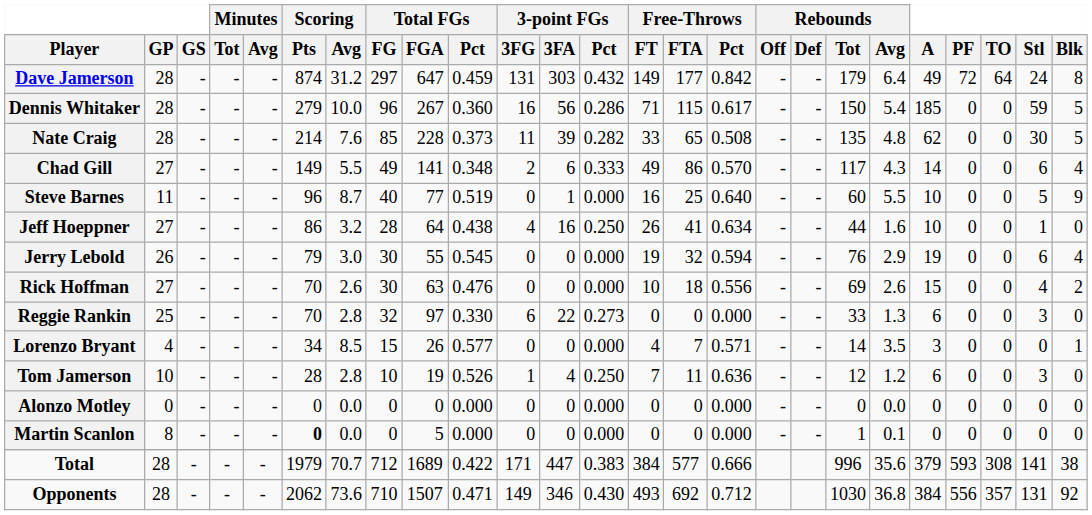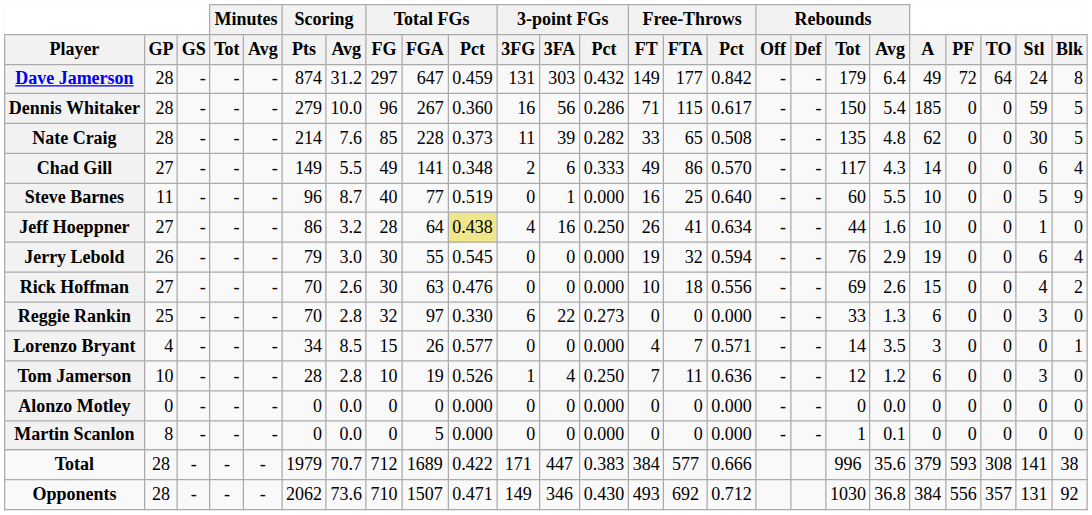 <table class="wikitable sortable" border="1" style="font-size:90%;">
 <tr>
 <th colspan="3" style="border-top-style:hidden; border-left-style:hidden; background: white;"></th>
 <th colspan="2" style=>Minutes</th>
 <th colspan="2" style=>Scoring</th>
 <th colspan="3" style=>Total FGs</th>
 <th colspan="3" style=>3-point FGs</th>
 <th colspan="3" style=>Free-Throws</th>
 <th colspan="4" style=>Rebounds</th>
 <th colspan="5" style="border-top-style:hidden; border-right-style:hidden; background: white;"></th>
 </tr>
 <tr>
 <th scope="col" style=>Player</th>
 <th scope="col" style=>GP</th>
 <th scope="col" style=>GS</th>
 <th scope="col" style=>Tot</th>
 <th scope="col" style=>Avg</th>
 <th scope="col" style=>Pts</th>
 <th scope="col" style=>Avg</th>
 <th scope="col" style=>FG</th>
 <th scope="col" style=>FGA</th>
 <th scope="col" style=>Pct</th>
 <th scope="col" style=>3FG</th>
 <th scope="col" style=>3FA</th>
 <th scope="col" style=>Pct</th>
 <th scope="col" style=>FT</th>
 <th scope="col" style=>FTA</th>
 <th scope="col" style=>Pct</th>
 <th scope="col" style=>Off</th>
 <th scope="col" style=>Def</th>
 <th scope="col" style=>Tot</th>
 <th scope="col" style=>Avg</th>
 <th scope="col" style=>A</th>
 <th scope="col" style=>PF</th>
 <th scope="col" style=>TO</th>
 <th scope="col" style=>Stl</th>
 <th scope="col" style=>Blk</th>
 </tr>
 <tr>
 <th><a href='#'>Dave Jamerson</a></th>
 <td align="right">28</td>
 <td align="right">-</td>
 <td align="right">-</td>
 <td align="right">-</td>
 <td align="right">874</td>
 <td align="right">31.2</td>
 <td align="right">297</td>
 <td align="right">647</td>
 <td align="right">0.459</td>
 <td align="right">131</td>
 <td align="right">303</td>
 <td align="right">0.432</td>
 <td align="right">149</td>
 <td align="right">177</td>
 <td align="right">0.842</td>
 <td align="right">-</td>
 <td align="right">-</td>
 <td align="right">179</td>
 <td align="right">6.4</td>
 <td align="right">49</td>
 <td align="right">72</td>
 <td align="right">64</td>
 <td align="right">24</td>
 <td align="right">8</td>
 </tr>
 <tr>
 <th>Dennis Whitaker</th>
 <td align="right">28</td>
 <td align="right">-</td>
 <td align="right">-</td>
 <td align="right">-</td>
 <td align="right">279</td>
 <td align="right">10.0</td>
 <td align="right">96</td>
 <td align="right">267</td>
 <td align="right">0.360</td>
 <td align="right">16</td>
 <td align="right">56</td>
 <td align="right">0.286</td>
 <td align="right">71</td>
 <td align="right">115</td>
 <td align="right">0.617</td>
 <td align="right">-</td>
 <td align="right">-</td>
 <td align="right">150</td>
 <td align="right">5.4</td>
 <td align="right">185</td>
 <td align="right">0</td>
 <td align="right">0</td>
 <td align="right">59</td>
 <td align="right">5</td>
 </tr>
 <tr>
 <th>Nate Craig</th>
 <td align="right">28</td>
 <td align="right">-</td>
 <td align="right">-</td>
 <td align="right">-</td>
 <td align="right">214</td>
 <td align="right">7.6</td>
 <td align="right">85</td>
 <td align="right">228</td>
 <td align="right">0.373</td>
 <td align="right">11</td>
 <td align="right">39</td>
 <td align="right">0.282</td>
 <td align="right">33</td>
 <td align="right">65</td>
 <td align="right">0.508</td>
 <td align="right">-</td>
 <td align="right">-</td>
 <td align="right">135</td>
 <td align="right">4.8</td>
 <td align="right">62</td>
 <td align="right">0</td>
 <td align="right">0</td>
 <td align="right">30</td>
 <td align="right">5</td>
 </tr>
 <tr>
 <th>Chad Gill</th>
 <td align="right">27</td>
 <td align="right">-</td>
 <td align="right">-</td>
 <td align="right">-</td>
 <td align="right">149</td>
 <td align="right">5.5</td>
 <td align="right">49</td>
 <td align="right">141</td>
 <td align="right">0.348</td>
 <td align="right">2</td>
 <td align="right">6</td>
 <td align="right">0.333</td>
 <td align="right">49</td>
 <td align="right">86</td>
 <td align="right">0.570</td>
 <td align="right">-</td>
 <td align="right">-</td>
 <td align="right">117</td>
 <td align="right">4.3</td>
 <td align="right">14</td>
 <td align="right">0</td>
 <td align="right">0</td>
 <td align="right">6</td>
 <td align="right">4</td>
 </tr>
 <tr>
 <th>Steve Barnes</th>
 <td align="right">11</td>
 <td align="right">-</td>
 <td align="right">-</td>
 <td align="right">-</td>
 <td align="right">96</td>
 <td align="right">8.7</td>
 <td align="right">40</td>
 <td align="right">77</td>
 <td align="right">0.519</td>
 <td align="right">0</td>
 <td align="right">1</td>
 <td align="right">0.000</td>
 <td align="right">16</td>
 <td align="right">25</td>
 <td align="right">0.640</td>
 <td align="right">-</td>
 <td align="right">-</td>
 <td align="right">60</td>
 <td align="right">5.5</td>
 <td align="right">10</td>
 <td align="right">0</td>
 <td align="right">0</td>
 <td align="right">5</td>
 <td align="right">9</td>
 </tr>
 <tr>
 <th>Jeff Hoeppner</th>
 <td align="right">27</td>
 <td align="right">-</td>
 <td align="right">-</td>
 <td align="right">-</td>
 <td align="right">86</td>
 <td align="right">3.2</td>
 <td align="right">28</td>
 <td align="right">64</td>
-<td align="right">0.438</td>
+<td align="right" style="background: khaki;">0.438</td>
 <td align="right">4</td>
 <td align="right">16</td>
 <td align="right">0.250</td>
 <td align="right">26</td>
 <td align="right">41</td>
 <td align="right">0.634</td>
 <td align="right">-</td>
 <td align="right">-</td>
 <td align="right">44</td>
 <td align="right">1.6</td>
 <td align="right">10</td>
 <td align="right">0</td>
 <td align="right">0</td>
 <td align="right">1</td>
 <td align="right">0</td>
 </tr>
 <tr>
 <th>Jerry Lebold</th>
 <td align="right">26</td>
 <td align="right">-</td>
 <td align="right">-</td>
 <td align="right">-</td>
 <td align="right">79</td>
 <td align="right">3.0</td>
 <td align="right">30</td>
 <td align="right">55</td>
 <td align="right">0.545</td>
 <td align="right">0</td>
 <td align="right">0</td>
 <td align="right">0.000</td>
 <td align="right">19</td>
 <td align="right">32</td>
 <td align="right">0.594</td>
 <td align="right">-</td>
 <td align="right">-</td>
 <td align="right">76</td>
 <td align="right">2.9</td>
 <td align="right">19</td>
 <td align="right">0</td>
 <td align="right">0</td>
 <td align="right">6</td>
 <td align="right">4</td>
 </tr>
 <tr>
 <th>Rick Hoffman</th>
 <td align="right">27</td>
 <td align="right">-</td>
 <td align="right">-</td>
 <td align="right">-</td>
 <td align="right">70</td>
 <td align="right">2.6</td>
 <td align="right">30</td>
 <td align="right">63</td>
 <td align="right">0.476</td>
 <td align="right">0</td>
 <td align="right">0</td>
 <td align="right">0.000</td>
 <td align="right">10</td>
 <td align="right">18</td>
 <td align="right">0.556</td>
 <td align="right">-</td>
 <td align="right">-</td>
 <td align="right">69</td>
 <td align="right">2.6</td>
 <td align="right">15</td>
 <td align="right">0</td>
 <td align="right">0</td>
 <td align="right">4</td>
 <td align="right">2</td>
 </tr>
 <tr>
 <th>Reggie Rankin</th>
 <td align="right">25</td>
 <td align="right">-</td>
 <td align="right">-</td>
 <td align="right">-</td>
 <td align="right">70</td>
 <td align="right">2.8</td>
 <td align="right">32</td>
 <td align="right">97</td>
 <td align="right">0.330</td>
 <td align="right">6</td>
 <td align="right">22</td>
 <td align="right">0.273</td>
 <td align="right">0</td>
 <td align="right">0</td>
 <td align="right">0.000</td>
 <td align="right">-</td>
 <td align="right">-</td>
 <td align="right">33</td>
 <td align="right">1.3</td>
 <td align="right">6</td>
 <td align="right">0</td>
 <td align="right">0</td>
 <td align="right">3</td>
 <td align="right">0</td>
 </tr>
 <tr>
 <th>Lorenzo Bryant</th>
 <td align="right">4</td>
 <td align="right">-</td>
 <td align="right">-</td>
 <td align="right">-</td>
 <td align="right">34</td>
 <td align="right">8.5</td>
 <td align="right">15</td>
 <td align="right">26</td>
 <td align="right">0.577</td>
 <td align="right">0</td>
 <td align="right">0</td>
 <td align="right">0.000</td>
 <td align="right">4</td>
 <td align="right">7</td>
 <td align="right">0.571</td>
 <td align="right">-</td>
 <td align="right">-</td>
 <td align="right">14</td>
 <td align="right">3.5</td>
 <td align="right">3</td>
 <td align="right">0</td>
 <td align="right">0</td>
 <td align="right">0</td>
 <td align="right">1</td>
 </tr>
 <tr>
 <th>Tom Jamerson</th>
 <td align="right">10</td>
 <td align="right">-</td>
 <td align="right">-</td>
 <td align="right">-</td>
 <td align="right">28</td>
 <td align="right">2.8</td>
 <td align="right">10</td>
 <td align="right">19</td>
 <td align="right">0.526</td>
 <td align="right">1</td>
 <td align="right">4</td>
 <td align="right">0.250</td>
 <td align="right">7</td>
 <td align="right">11</td>
 <td align="right">0.636</td>
 <td align="right">-</td>
 <td align="right">-</td>
 <td align="right">12</td>
 <td align="right">1.2</td>
 <td align="right">6</td>
 <td align="right">0</td>
 <td align="right">0</td>
 <td align="right">3</td>
 <td align="right">0</td>
 </tr>
 <tr>
 <th>Alonzo Motley</th>
 <td align="right">0</td>
 <td align="right">-</td>
 <td align="right">-</td>
 <td align="right">-</td>
 <td align="right">0</td>
 <td align="right">0.0</td>
 <td align="right">0</td>
 <td align="right">0</td>
 <td align="right">0.000</td>
 <td align="right">0</td>
 <td align="right">0</td>
 <td align="right">0.000</td>
 <td align="right">0</td>
 <td align="right">0</td>
 <td align="right">0.000</td>
 <td align="right">-</td>
 <td align="right">-</td>
 <td align="right">0</td>
 <td align="right">0.0</td>
 <td align="right">0</td>
 <td align="right">0</td>
 <td align="right">0</td>
 <td align="right">0</td>
 <td align="right">0</td>
 </tr>
 <tr>
 <th>Martin Scanlon</th>
 <td align="right">8</td>
 <td align="right">-</td>
 <td align="right">-</td>
 <td align="right">-</td>
-<td align="right"><strong>0</strong></td>
+<td align="right">0</td>
 <td align="right">0.0</td>
 <td align="right">0</td>
 <td align="right">5</td>
 <td align="right">0.000</td>
 <td align="right">0</td>
 <td align="right">0</td>
 <td align="right">0.000</td>
 <td align="right">0</td>
 <td align="right">0</td>
 <td align="right">0.000</td>
 <td align="right">-</td>
 <td align="right">-</td>
 <td align="right">1</td>
 <td align="right">0.1</td>
 <td align="right">0</td>
 <td align="right">0</td>
 <td align="right">0</td>
 <td align="right">0</td>
 <td align="right">0</td>
 </tr>
 <tr>
 </tr>
 <tr class="sortbottom">
 <td align="center" style=><strong>Total</strong></td>
 <td align="center" style=>28</td>
 <td align="center" style=>-</td>
 <td align="center" style=>-</td>
 <td align="center" style=>-</td>
 <td align="center" style=>1979</td>
 <td align="center" style=>70.7</td>
 <td align="center" style=>712</td>
 <td align="center" style=>1689</td>
 <td align="center" style=>0.422</td>
 <td align="center" style=>171</td>
 <td align="center" style=>447</td>
 <td align="center" style=>0.383</td>
 <td align="center" style=>384</td>
 <td align="center" style=>577</td>
 <td align="center" style=>0.666</td>
 <td align="center" style=></td>
 <td align="center" style=></td>
 <td align="center" style=>996</td>
 <td align="center" style=>35.6</td>
 <td align="center" style=>379</td>
 <td align="center" style=>593</td>
 <td align="center" style=>308</td>
 <td align="center" style=>141</td>
 <td align="center" style=>38</td>
 </tr>
 <tr class="sortbottom">
 <td align="center"><strong>Opponents</strong></td>
 <td align="center">28</td>
 <td align="center">-</td>
 <td align="center">-</td>
 <td align="center">-</td>
 <td align="center">2062</td>
 <td align="center">73.6</td>
 <td align="center">710</td>
 <td align="center">1507</td>
 <td align="center">0.471</td>
 <td align="center">149</td>
 <td align="center">346</td>
 <td align="center">0.430</td>
 <td align="center">493</td>
 <td align="center">692</td>
 <td align="center">0.712</td>
 <td align="center"></td>
 <td align="center"></td>
 <td align="center">1030</td>
 <td align="center">36.8</td>
 <td align="center">384</td>
 <td align="center">556</td>
 <td align="center">357</td>
 <td align="center">131</td>
 <td align="center">92</td>
 </tr>
 </table>
